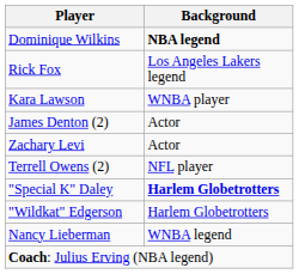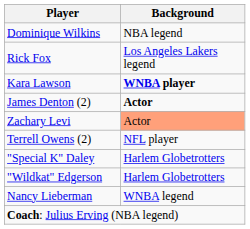 <table class="wikitable">
 <tr>
 <th width=150>Player</th>
 <th width=160>Background</th>
 </tr>
 <tr>
 <td><a href='#'>Dominique Wilkins</a></td>
-<td><strong>NBA legend</strong></td>
+<td>NBA legend</td>
 </tr>
 <tr>
 <td><a href='#'>Rick Fox</a></td>
 <td><a href='#'>Los Angeles Lakers</a> legend</td>
 </tr>
 <tr>
 <td><a href='#'>Kara Lawson</a></td>
-<td><a href='#'>WNBA</a> player</td>
+<td><strong><a href='#'>WNBA</a> player</strong></td>
 </tr>
 <tr>
 <td><a href='#'>James Denton</a> (2)</td>
-<td>Actor</td>
+<td><strong>Actor</strong></td>
 </tr>
 <tr>
 <td><a href='#'>Zachary Levi</a></td>
-<td>Actor</td>
+<td style="background: lightsalmon;">Actor</td>
 </tr>
 <tr>
 <td><a href='#'>Terrell Owens</a> (2)</td>
 <td><a href='#'>NFL</a> player</td>
 </tr>
 <tr>
 <td><a href='#'>"Special K" Daley</a></td>
-<td><strong><a href='#'>Harlem Globetrotters</a></strong></td>
+<td><a href='#'>Harlem Globetrotters</a></td>
 </tr>
 <tr>
 <td><a href='#'>"Wildkat" Edgerson</a></td>
 <td><a href='#'>Harlem Globetrotters</a></td>
 </tr>
 <tr>
 <td><a href='#'>Nancy Lieberman</a></td>
 <td><a href='#'>WNBA</a> legend</td>
 </tr>
 <tr>
 <td colspan="3"><strong>Coach</strong>: <a href='#'>Julius Erving</a> (NBA legend)</td>
 </tr>
 </table>
